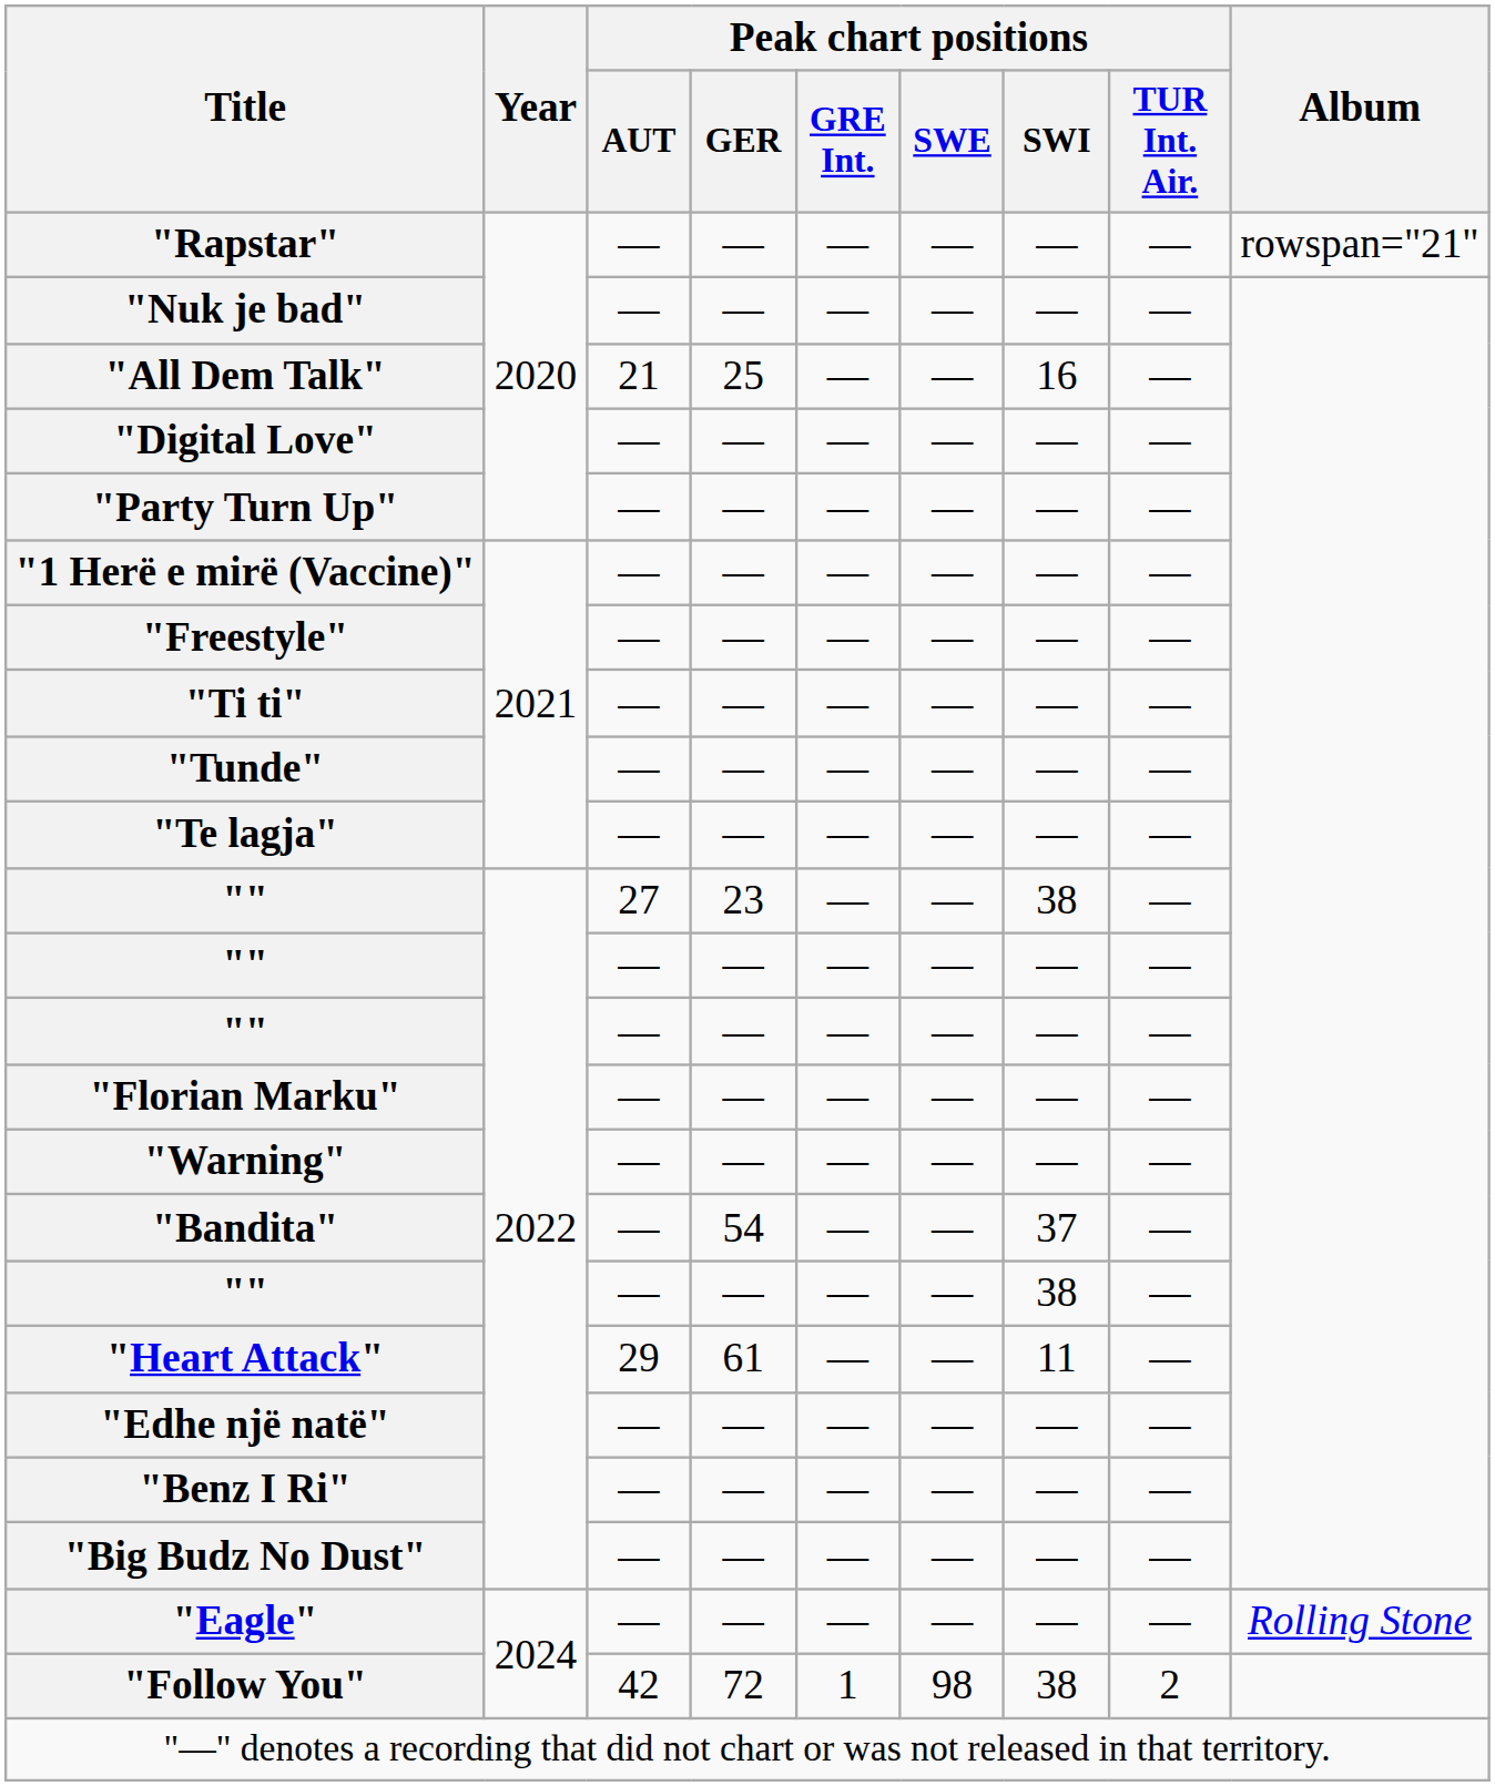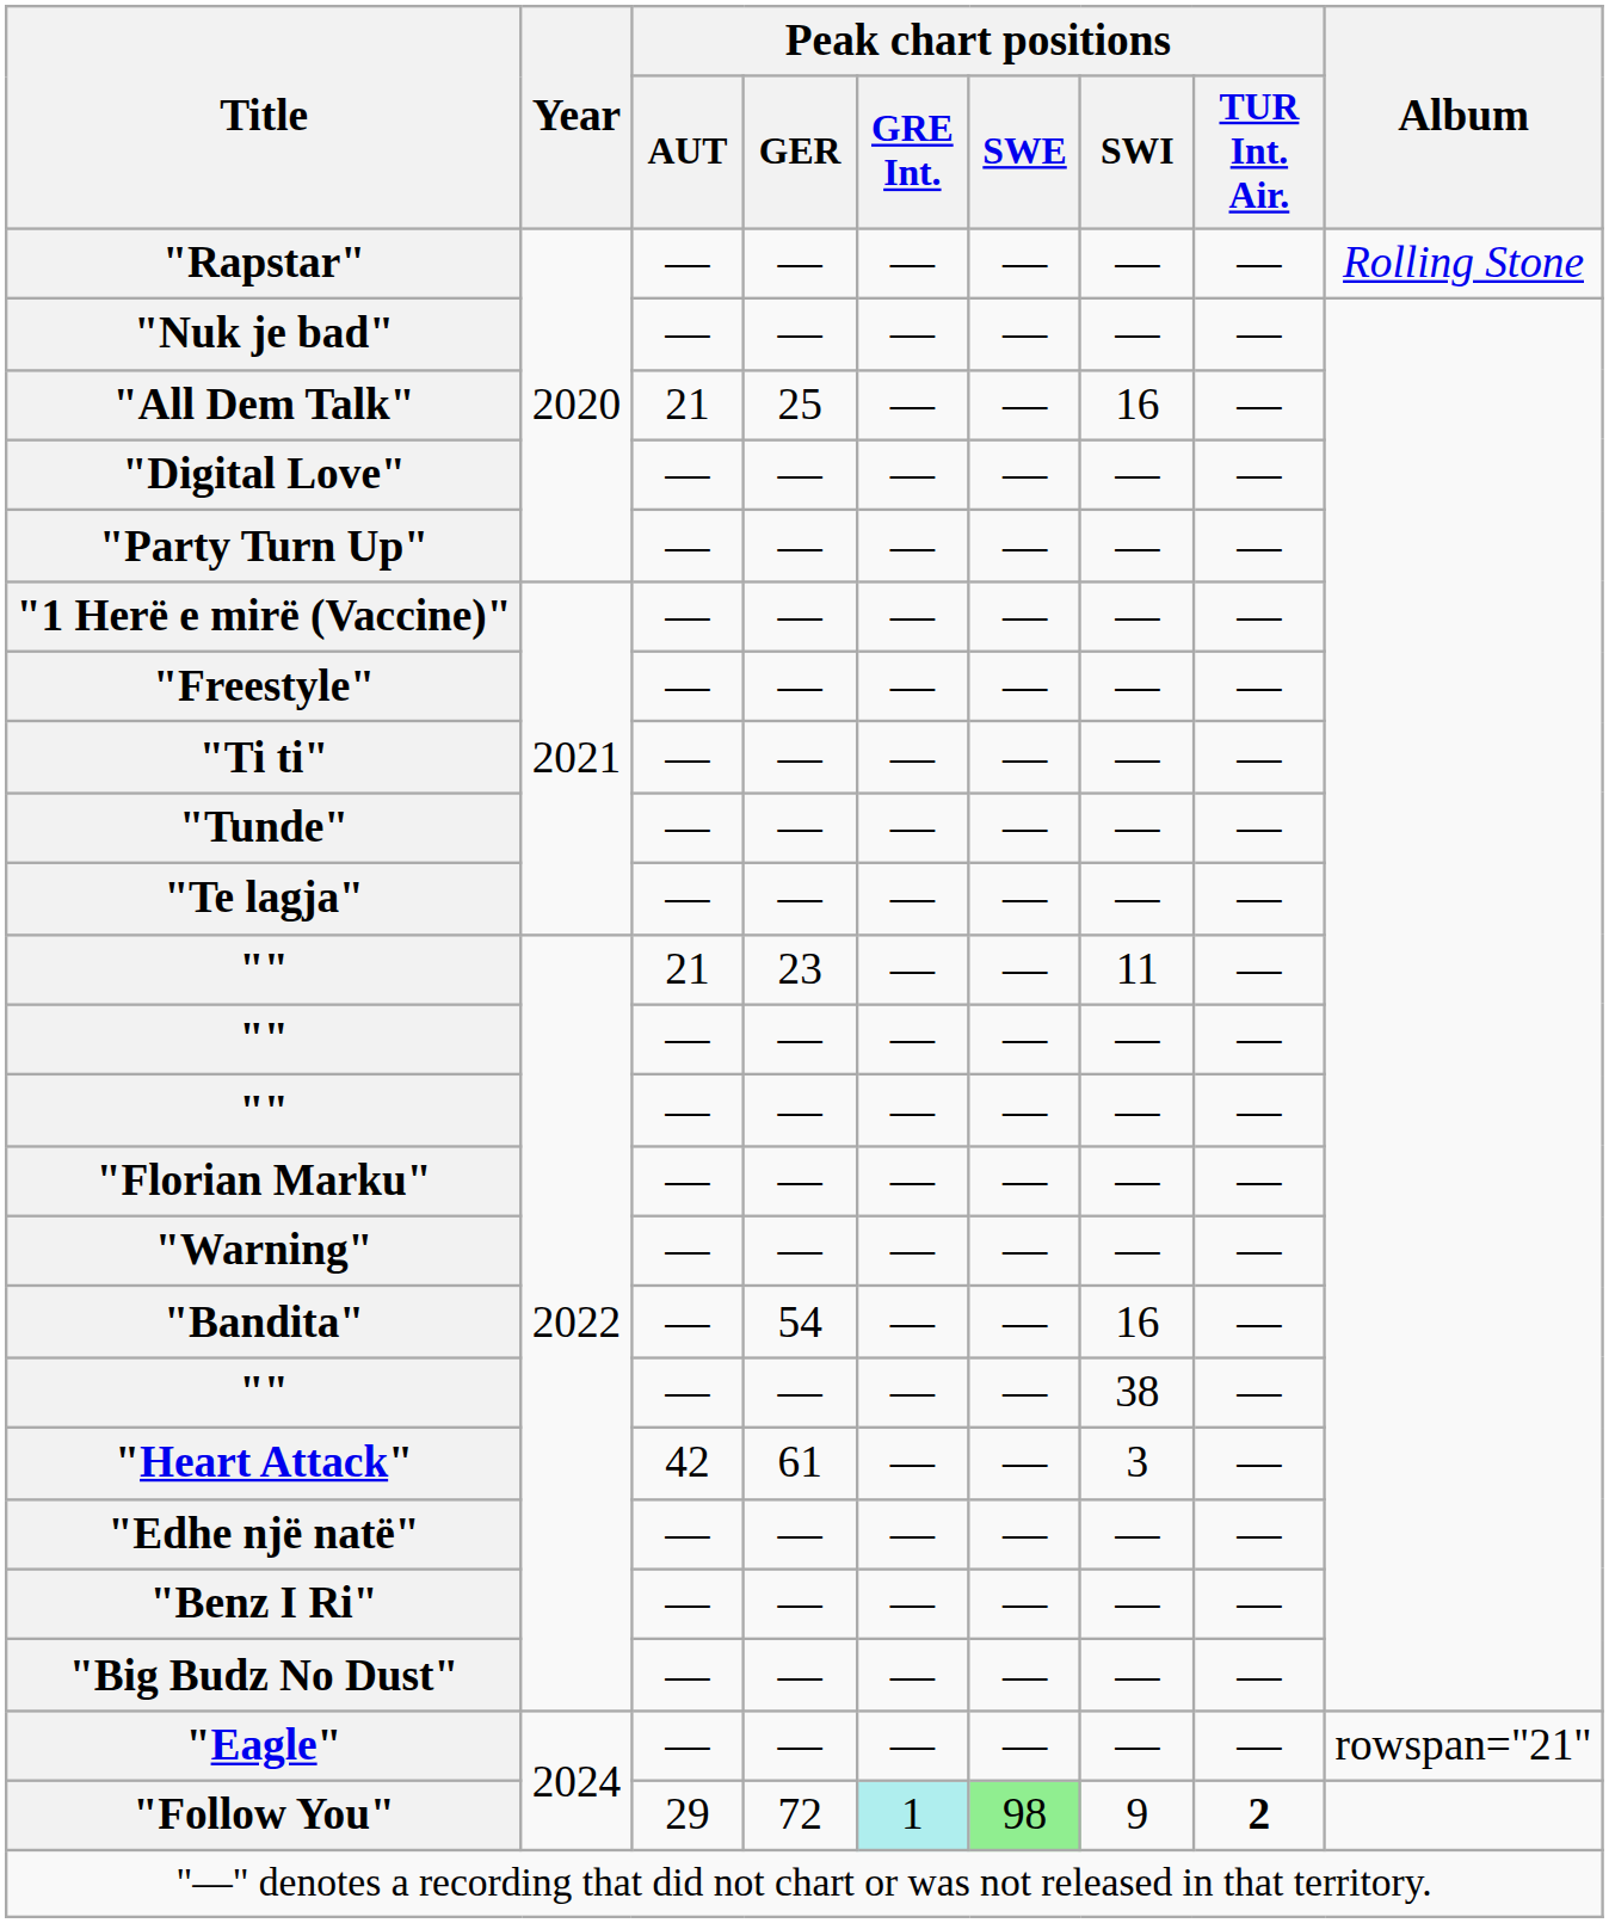 <table class="wikitable plainrowheaders" style="text-align:center;">
 <tr>
 <th scope="col" rowspan="2">Title</th>
 <th scope="col" rowspan="2">Year</th>
 <th colspan="6" scope="col">Peak chart positions</th>
 <th scope="col" rowspan="2">Album</th>
 </tr>
 <tr>
 <th style="width:2.5em; font-size:85%">AUT<br></th>
 <th style="width:2.5em; font-size:85%">GER<br></th>
 <th style="width:2.5em; font-size:85%"><a href='#'>GRE<br>Int.</a><br></th>
 <th style="width:2.5em; font-size:85%"><a href='#'>SWE</a><br></th>
 <th style="width:2.5em; font-size:85%">SWI<br></th>
 <th style="width:3em; font-size:85%;"><a href='#'>TUR<br>Int.<br>Air.</a><br></th>
 </tr>
 <tr>
 <th scope="row">"Rapstar"</th>
 <td rowspan="5">2020</td>
 <td>—</td>
 <td>—</td>
 <td>—</td>
 <td>—</td>
 <td>—</td>
 <td>—</td>
-<td>rowspan="21" </td>
+<td><em><a href='#'>Rolling Stone</a></em></td>
 </tr>
 <tr>
 <th scope="row">"Nuk je bad"</th>
 <td>—</td>
 <td>—</td>
 <td>—</td>
 <td>—</td>
 <td>—</td>
 <td>—</td>
 </tr>
 <tr>
 <th scope="row">"All Dem Talk"<br></th>
 <td>21</td>
 <td>25</td>
 <td>—</td>
 <td>—</td>
 <td>16</td>
 <td>—</td>
 </tr>
 <tr>
 <th scope="row">"Digital Love"</th>
 <td>—</td>
 <td>—</td>
 <td>—</td>
 <td>—</td>
 <td>—</td>
 <td>—</td>
 </tr>
 <tr>
 <th scope="row">"Party Turn Up"</th>
 <td>—</td>
 <td>—</td>
 <td>—</td>
 <td>—</td>
 <td>—</td>
 <td>—</td>
 </tr>
 <tr>
 <th scope="row">"1 Herë e mirë (Vaccine)"</th>
 <td rowspan="5">2021</td>
 <td>—</td>
 <td>—</td>
 <td>—</td>
 <td>—</td>
 <td>—</td>
 <td>—</td>
 </tr>
 <tr>
 <th scope="row">"Freestyle"</th>
 <td>—</td>
 <td>—</td>
 <td>—</td>
 <td>—</td>
 <td>—</td>
 <td>—</td>
 </tr>
 <tr>
 <th scope="row">"Ti ti"<br></th>
 <td>—</td>
 <td>—</td>
 <td>—</td>
 <td>—</td>
 <td>—</td>
 <td>—</td>
 </tr>
 <tr>
 <th scope="row">"Tunde"</th>
 <td>—</td>
 <td>—</td>
 <td>—</td>
 <td>—</td>
 <td>—</td>
 <td>—</td>
 </tr>
 <tr>
 <th scope="row">"Te lagja"<br></th>
 <td>—</td>
 <td>—</td>
 <td>—</td>
 <td>—</td>
 <td>—</td>
 <td>—</td>
 </tr>
 <tr>
 <th scope="row">""<br></th>
 <td rowspan="11">2022</td>
-<td>27</td>
+<td>21</td>
 <td>23</td>
 <td>—</td>
 <td>—</td>
-<td>38</td>
+<td>11</td>
 <td>—</td>
 </tr>
 <tr>
 <th scope="row">""</th>
 <td>—</td>
 <td>—</td>
 <td>—</td>
 <td>—</td>
 <td>—</td>
 <td>—</td>
 </tr>
 <tr>
 <th scope="row">""<br></th>
 <td>—</td>
 <td>—</td>
 <td>—</td>
 <td>—</td>
 <td>—</td>
 <td>—</td>
 </tr>
 <tr>
 <th scope="row">"Florian Marku"</th>
 <td>—</td>
 <td>—</td>
 <td>—</td>
 <td>—</td>
 <td>—</td>
 <td>—</td>
 </tr>
 <tr>
 <th scope="row">"Warning"<br></th>
 <td>—</td>
 <td>—</td>
 <td>—</td>
 <td>—</td>
 <td>—</td>
 <td>—</td>
 </tr>
 <tr>
 <th scope="row">"Bandita"<br></th>
 <td>—</td>
 <td>54</td>
 <td>—</td>
 <td>—</td>
-<td>37</td>
+<td>16</td>
 <td>—</td>
 </tr>
 <tr>
 <th scope="row">""<br></th>
 <td>—</td>
 <td>—</td>
 <td>—</td>
 <td>—</td>
 <td>38</td>
 <td>—</td>
 </tr>
 <tr>
 <th scope="row">"<a href='#'>Heart Attack</a>"<br></th>
-<td>29</td>
+<td>42</td>
 <td>61</td>
 <td>—</td>
 <td>—</td>
-<td>11</td>
+<td>3</td>
 <td>—</td>
 </tr>
 <tr>
 <th scope="row">"Edhe një natë"<br></th>
 <td>—</td>
 <td>—</td>
 <td>—</td>
 <td>—</td>
 <td>—</td>
 <td>—</td>
 </tr>
 <tr>
 <th scope="row">"Benz I Ri"</th>
 <td>—</td>
 <td>—</td>
 <td>—</td>
 <td>—</td>
 <td>—</td>
 <td>—</td>
 </tr>
 <tr>
 <th scope="row">"Big Budz No Dust"<br></th>
 <td>—</td>
 <td>—</td>
 <td>—</td>
 <td>—</td>
 <td>—</td>
 <td>—</td>
 </tr>
 <tr>
 <th scope="row">"<a href='#'>Eagle</a>"<br></th>
 <td rowspan="2">2024</td>
 <td>—</td>
 <td>—</td>
 <td>—</td>
 <td>—</td>
 <td>—</td>
 <td>—</td>
-<td><em><a href='#'>Rolling Stone</a></em></td>
+<td>rowspan="21" </td>
 </tr>
 <tr>
 <th scope="row">"Follow You"</th>
-<td>42</td>
+<td>29</td>
 <td>72</td>
-<td>1</td>
-<td>98</td>
-<td>38</td>
-<td>2</td>
+<td style="background: paleturquoise;">1</td>
+<td style="background: lightgreen;">98</td>
+<td>9</td>
+<td><strong>2</strong></td>
 <td></td>
 </tr>
 <tr>
 <td colspan="9" style="font-size:90%">"—" denotes a recording that did not chart or was not released in that territory.</td>
 </tr>
 </table>
